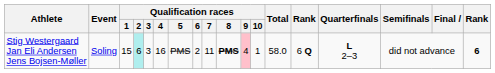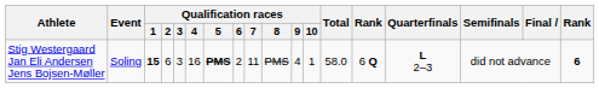 <table class="wikitable" style="font-size:90%">
 <tr>
 <th rowspan="2">Athlete</th>
 <th rowspan="2">Event</th>
 <th colspan="10">Qualification races</th>
 <th rowspan="2">Total</th>
 <th rowspan="2">Rank</th>
 <th rowspan="2">Quarterfinals</th>
 <th rowspan="2">Semifinals</th>
 <th rowspan="2">Final / </th>
 <th rowspan="2">Rank</th>
 </tr>
 <tr style="vertical-align:bottom; font-size:95%">
 <th>1</th>
 <th>2</th>
 <th>3</th>
 <th>4</th>
 <th>5</th>
 <th>6</th>
 <th>7</th>
 <th>8</th>
 <th>9</th>
 <th>10</th>
 </tr>
 <tr align=center>
 <td align=left><a href='#'>Stig Westergaard</a><br><a href='#'>Jan Eli Andersen</a><br><a href='#'>Jens Bojsen-Møller</a></td>
 <td align=left><a href='#'>Soling</a></td>
-<td>15</td>
-<td style="background: paleturquoise;">6</td>
+<td><strong>15</strong></td>
+<td>6</td>
 <td>3</td>
 <td>16</td>
-<td><s>PMS</s></td>
+<td><strong><s>PMS</s></strong></td>
 <td>2</td>
 <td>11</td>
-<td><strong><s>PMS</s></strong></td>
-<td style="background: pink;">4</td>
+<td><s>PMS</s></td>
+<td>4</td>
 <td>1</td>
 <td>58.0</td>
 <td>6 <strong>Q</strong></td>
 <td> <strong>L</strong><br> 2–3<br></td>
 <td colspan=2>did not advance</td>
 <td><strong>6</strong></td>
 </tr>
 </table>
